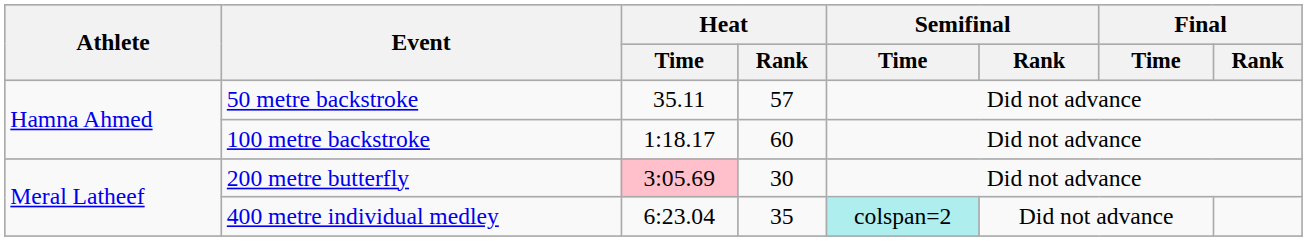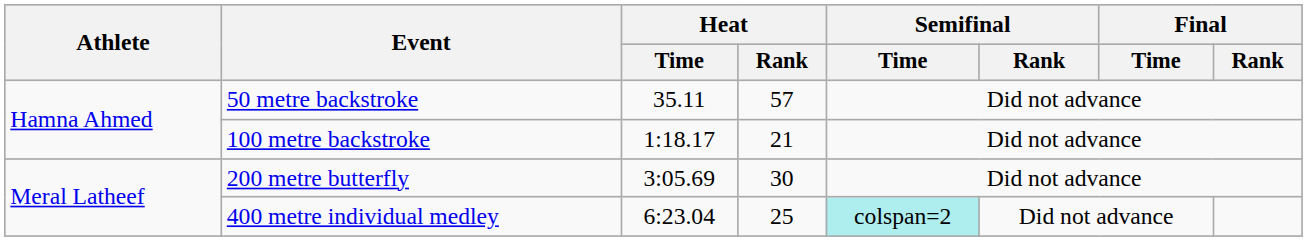 <table class="wikitable" style="text-align:center; font-size:90%; width:50%;">
 <tr>
 <th rowspan="2">Athlete</th>
 <th rowspan="2">Event</th>
 <th colspan="2">Heat</th>
 <th colspan="2">Semifinal</th>
 <th colspan="2">Final</th>
 </tr>
 <tr style="font-size:95%">
 <th>Time</th>
 <th>Rank</th>
 <th>Time</th>
 <th>Rank</th>
 <th>Time</th>
 <th>Rank</th>
 </tr>
 <tr>
 <td align=left rowspan=2><a href='#'>Hamna Ahmed</a></td>
 <td align=left><a href='#'>50 metre backstroke</a></td>
 <td>35.11</td>
 <td>57</td>
 <td colspan=4>Did not advance</td>
 </tr>
 <tr>
 <td align=left><a href='#'>100 metre backstroke</a></td>
 <td>1:18.17</td>
-<td>60</td>
+<td>21</td>
 <td colspan=4>Did not advance</td>
 </tr>
 <tr>
 <td align=left rowspan=2><a href='#'>Meral Latheef</a></td>
 <td align=left><a href='#'>200 metre butterfly</a></td>
-<td style="background: pink;">3:05.69</td>
+<td>3:05.69</td>
 <td>30</td>
 <td colspan=4>Did not advance</td>
 </tr>
 <tr>
 <td align=left><a href='#'>400 metre individual medley</a></td>
 <td>6:23.04</td>
-<td>35</td>
+<td>25</td>
 <td style="background: paleturquoise;">colspan=2 </td>
 <td colspan=2>Did not advance</td>
 </tr>
 </table>
